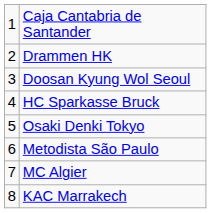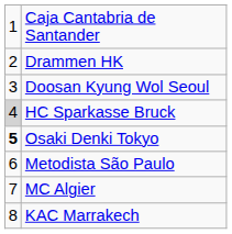 <table class="wikitable" width="220px">
 <tr>
 <td align=center>1</td>
 <td> <a href='#'>Caja Cantabria de Santander</a></td>
 </tr>
 <tr>
 <td align=center>2</td>
 <td> <a href='#'>Drammen HK</a></td>
 </tr>
 <tr>
 <td align=center>3</td>
 <td> <a href='#'>Doosan Kyung Wol Seoul</a></td>
 </tr>
 <tr>
-<td align=center>4</td>
+<td align=center style="background: lightgrey;">4</td>
 <td> <a href='#'>HC Sparkasse Bruck</a></td>
 </tr>
 <tr>
-<td align=center>5</td>
+<td align=center><strong>5</strong></td>
 <td> <a href='#'>Osaki Denki Tokyo</a></td>
 </tr>
 <tr>
 <td align=center>6</td>
 <td> <a href='#'>Metodista São Paulo</a></td>
 </tr>
 <tr>
 <td align=center>7</td>
 <td> <a href='#'>MC Algier</a></td>
 </tr>
 <tr>
 <td align=center>8</td>
 <td> <a href='#'>KAC Marrakech</a></td>
 </tr>
 </table>
